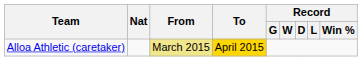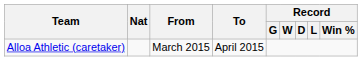 <table class="wikitable" style="text-align: center">
 <tr>
 <th rowspan="2">Team</th>
 <th rowspan="2">Nat</th>
 <th rowspan="2">From</th>
 <th rowspan="2">To</th>
 <th colspan="5">Record</th>
 </tr>
 <tr>
 <th>G</th>
 <th>W</th>
 <th>D</th>
 <th>L</th>
 <th>Win %</th>
 </tr>
 <tr>
 <td align=left><a href='#'>Alloa Athletic (caretaker)</a></td>
 <td></td>
-<td align=left style="background: khaki;">March 2015</td>
-<td align=left style="background: gold;">April 2015<br></td>
+<td align=left>March 2015</td>
+<td align=left>April 2015<br></td>
 </tr>
 </table>
